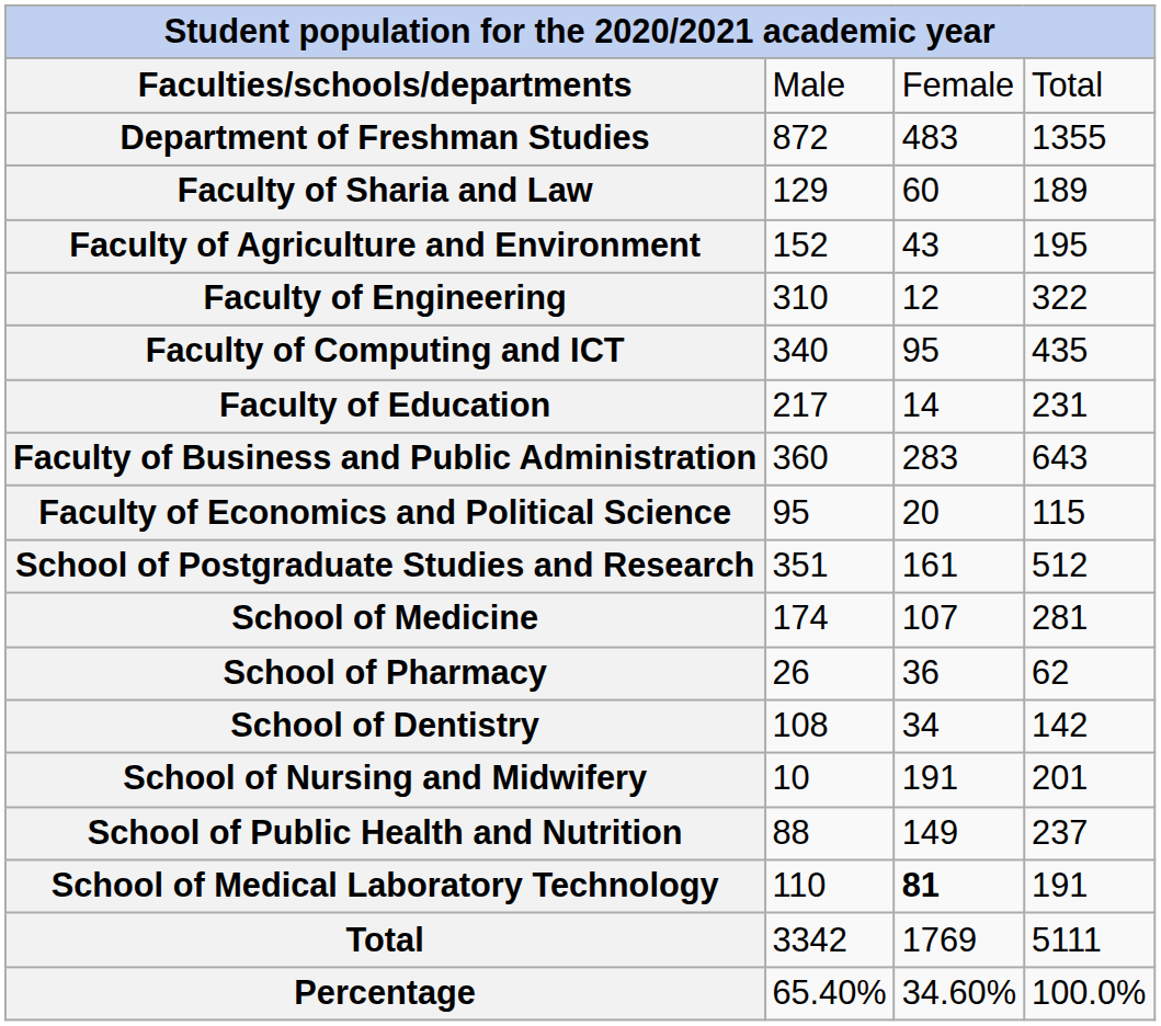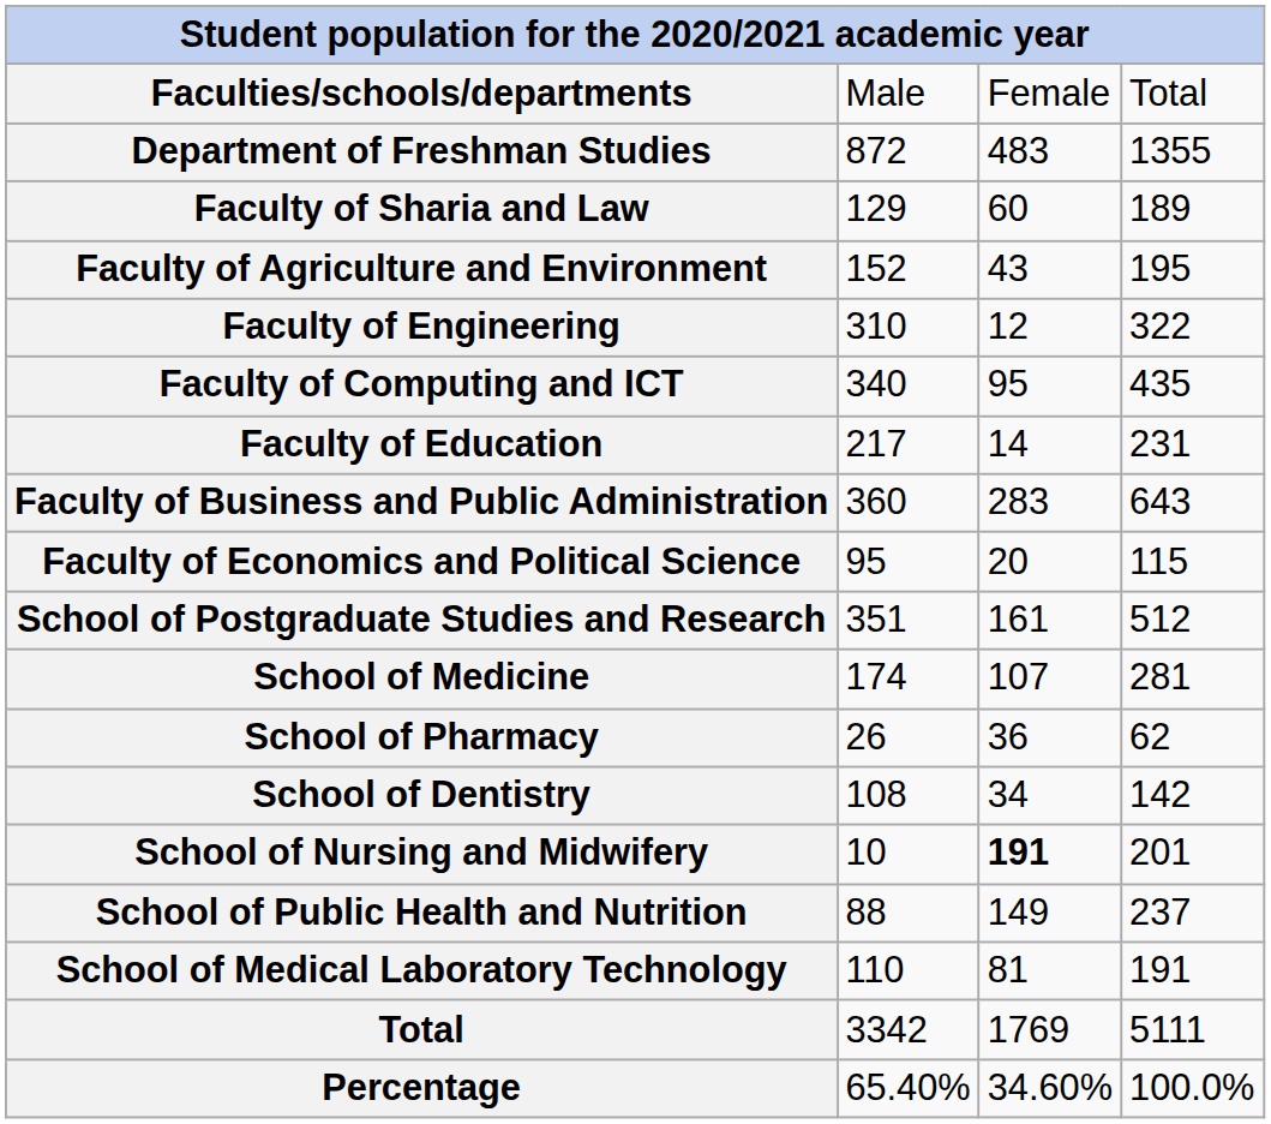 <table class="wikitable" "font-size:100%">
 <tr>
 <th align=center style="background:#c0d0f0;" colspan=11>Student population for the 2020/2021 academic year</th>
 </tr>
 <tr>
 <th>Faculties/schools/departments</th>
 <td>Male</td>
 <td>Female</td>
 <td>Total</td>
 </tr>
 <tr>
 <th>Department of Freshman Studies</th>
 <td>872</td>
 <td>483</td>
 <td>1355</td>
 </tr>
 <tr>
 <th>Faculty of Sharia and Law</th>
 <td>129</td>
 <td>60</td>
 <td>189</td>
 </tr>
 <tr>
 <th>Faculty of Agriculture and Environment</th>
 <td>152</td>
 <td>43</td>
 <td>195</td>
 </tr>
 <tr>
 <th>Faculty of Engineering</th>
 <td>310</td>
 <td>12</td>
 <td>322</td>
 </tr>
 <tr>
 <th>Faculty of Computing and ICT</th>
 <td>340</td>
 <td>95</td>
 <td>435</td>
 </tr>
 <tr>
 <th>Faculty of Education</th>
 <td>217</td>
 <td>14</td>
 <td>231</td>
 </tr>
 <tr>
 <th>Faculty of Business and Public Administration</th>
 <td>360</td>
 <td>283</td>
 <td>643</td>
 </tr>
 <tr>
 <th>Faculty of Economics and Political Science</th>
 <td>95</td>
 <td>20</td>
 <td>115</td>
 </tr>
 <tr>
 <th>School of Postgraduate Studies and Research</th>
 <td>351</td>
 <td>161</td>
 <td>512</td>
 </tr>
 <tr>
 <th>School of Medicine</th>
 <td>174</td>
 <td>107</td>
 <td>281</td>
 </tr>
 <tr>
 <th>School of Pharmacy</th>
 <td>26</td>
 <td>36</td>
 <td>62</td>
 </tr>
 <tr>
 <th>School of Dentistry</th>
 <td>108</td>
 <td>34</td>
 <td>142</td>
 </tr>
 <tr>
 <th>School of Nursing	and Midwifery</th>
 <td>10</td>
-<td>191</td>
+<td><strong>191</strong></td>
 <td>201</td>
 </tr>
 <tr>
 <th>School of Public Health and Nutrition</th>
 <td>88</td>
 <td>149</td>
 <td>237</td>
 </tr>
 <tr>
 <th>School of Medical Laboratory Technology</th>
 <td>110</td>
-<td><strong>81</strong></td>
+<td>81</td>
 <td>191</td>
 </tr>
 <tr>
 <th>Total</th>
 <td>3342</td>
 <td>1769</td>
 <td>5111</td>
 </tr>
 <tr>
 <th>Percentage</th>
 <td>65.40%</td>
 <td>34.60%</td>
 <td>100.0%</td>
 </tr>
 </table>
